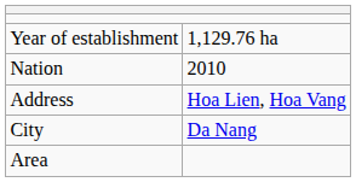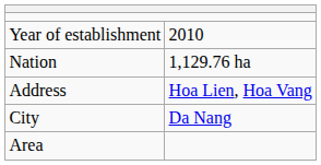 <table class="wikitable" align="right">
 <tr>
 <th colspan="2"></th>
 </tr>
 <tr>
 <td colspan="2"></td>
 </tr>
 <tr>
 <td>Year of establishment</td>
-<td>1,129.76 ha</td>
+<td>2010</td>
 </tr>
 <tr>
 <td>Nation</td>
-<td>2010</td>
+<td>1,129.76 ha</td>
 </tr>
 <tr>
 <td>Address</td>
 <td><a href='#'>Hoa Lien</a>, <a href='#'>Hoa Vang</a></td>
 </tr>
 <tr>
 <td>City</td>
 <td><a href='#'>Da Nang</a></td>
 </tr>
 <tr>
 <td>Area</td>
 <td></td>
 </tr>
 <tr>
 </tr>
 </table>
